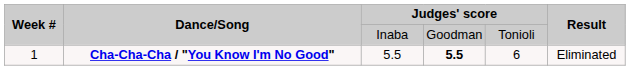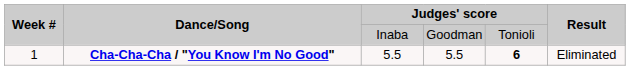 <table class="wikitable">
 <tr style="text-align: center; background:#ccc;">
 <td rowspan="2"><strong>Week #</strong></td>
 <td rowspan="2"><strong>Dance/Song</strong></td>
 <td colspan="3"><strong>Judges' score</strong></td>
 <td rowspan="2"><strong>Result</strong></td>
 </tr>
 <tr style="text-align: center; background:#ccc;">
 <td style="width:10%; ">Inaba</td>
 <td style="width:10%; ">Goodman</td>
 <td style="width:10%; ">Tonioli</td>
 </tr>
 <tr>
 <td style="text-align: center; background:#faf6f6;">1</td>
 <td style="text-align: center; background:#faf6f6;"><strong><a href='#'>Cha-Cha-Cha</a> / "<a href='#'>You Know I'm No Good</a>"</strong></td>
 <td style="text-align: center; background:#faf6f6;">5.5</td>
-<td style="text-align: center; background:#faf6f6;"><strong>5.5</strong></td>
-<td style="text-align: center; background:#faf6f6;">6</td>
+<td style="text-align: center; background:#faf6f6;">5.5</td>
+<td style="text-align: center; background:#faf6f6;"><strong>6</strong></td>
 <td style="text-align: center; background:#faf6f6;">Eliminated</td>
 </tr>
 </table>
